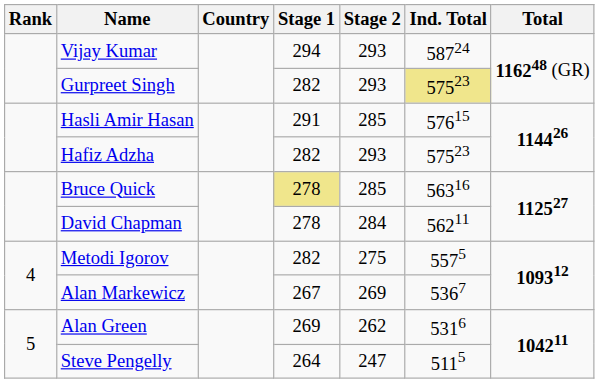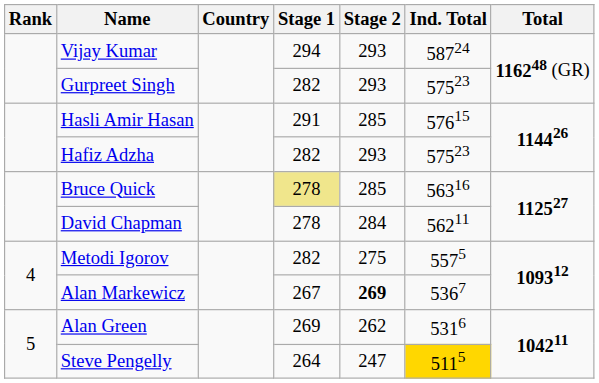 <table class="wikitable sortable" style="text-align:center;">
 <tr>
 <th>Rank</th>
 <th>Name</th>
 <th>Country</th>
 <th>Stage 1</th>
 <th>Stage 2</th>
 <th>Ind. Total</th>
 <th>Total</th>
 </tr>
 <tr>
 <td rowspan=2></td>
 <td align=left><a href='#'>Vijay Kumar</a></td>
 <td rowspan=2></td>
 <td>294</td>
 <td>293</td>
 <td>587<sup>24</sup></td>
 <td rowspan=2><strong>1162<sup>48</sup></strong> (GR)</td>
 </tr>
 <tr>
 <td align=left><a href='#'>Gurpreet Singh</a></td>
 <td>282</td>
 <td>293</td>
-<td style="background: khaki;">575<sup>23</sup></td>
+<td>575<sup>23</sup></td>
 </tr>
 <tr>
 <td rowspan=2></td>
 <td align=left><a href='#'>Hasli Amir Hasan</a></td>
 <td rowspan=2></td>
 <td>291</td>
 <td>285</td>
 <td>576<sup>15</sup></td>
 <td rowspan=2><strong>1144<sup>26</sup></strong></td>
 </tr>
 <tr>
 <td align=left><a href='#'>Hafiz Adzha</a></td>
 <td>282</td>
 <td>293</td>
 <td>575<sup>23</sup></td>
 </tr>
 <tr>
 <td rowspan=2></td>
 <td align=left><a href='#'>Bruce Quick</a></td>
 <td rowspan=2></td>
 <td style="background: khaki;">278</td>
 <td>285</td>
 <td>563<sup>16</sup></td>
 <td rowspan=2><strong>1125<sup>27</sup></strong></td>
 </tr>
 <tr>
 <td align=left><a href='#'>David Chapman</a></td>
 <td>278</td>
 <td>284</td>
 <td>562<sup>11</sup></td>
 </tr>
 <tr>
 <td rowspan=2>4</td>
 <td align=left><a href='#'>Metodi Igorov</a></td>
 <td rowspan=2></td>
 <td>282</td>
 <td>275</td>
 <td>557<sup>5</sup></td>
 <td rowspan=2><strong>1093<sup>12</sup></strong></td>
 </tr>
 <tr>
 <td align=left><a href='#'>Alan Markewicz</a></td>
 <td>267</td>
-<td>269</td>
+<td><strong>269</strong></td>
 <td>536<sup>7</sup></td>
 </tr>
 <tr>
 <td rowspan=2>5</td>
 <td align=left><a href='#'>Alan Green</a></td>
 <td rowspan=2></td>
 <td>269</td>
 <td>262</td>
 <td>531<sup>6</sup></td>
 <td rowspan=2><strong>1042<sup>11</sup></strong></td>
 </tr>
 <tr>
 <td align=left><a href='#'>Steve Pengelly</a></td>
 <td>264</td>
 <td>247</td>
-<td>511<sup>5</sup></td>
+<td style="background: gold;">511<sup>5</sup></td>
 </tr>
 </table>
